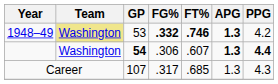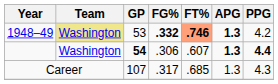 <table class="wikitable sortable" style="font-size:95%; text-align:right;">
 <tr>
 <th>Year</th>
 <th>Team</th>
 <th>GP</th>
 <th>FG%</th>
 <th>FT%</th>
 <th>APG</th>
 <th>PPG</th>
 </tr>
 <tr>
 <td style="text-align:left;"><a href='#'>1948–49</a></td>
 <td style="background: khaki; text-align:left;"><a href='#'>Washington</a></td>
 <td>53</td>
 <td><strong>.332</strong></td>
-<td><strong>.746</strong></td>
+<td style="background: lightsalmon;"><strong>.746</strong></td>
 <td><strong>1.3</strong></td>
 <td>4.2</td>
 </tr>
 <tr>
 <td style="text-align:left;"></td>
 <td style="text-align:left;"><a href='#'>Washington</a></td>
 <td><strong>54</strong></td>
 <td>.306</td>
 <td>.607</td>
 <td><strong>1.3</strong></td>
 <td><strong>4.4</strong></td>
 </tr>
 <tr>
 <td style="text-align:center;" colspan="2">Career</td>
 <td>107</td>
 <td>.317</td>
 <td>.685</td>
 <td>1.3</td>
 <td>4.3</td>
 </tr>
 <tr>
 </tr>
 </table>
